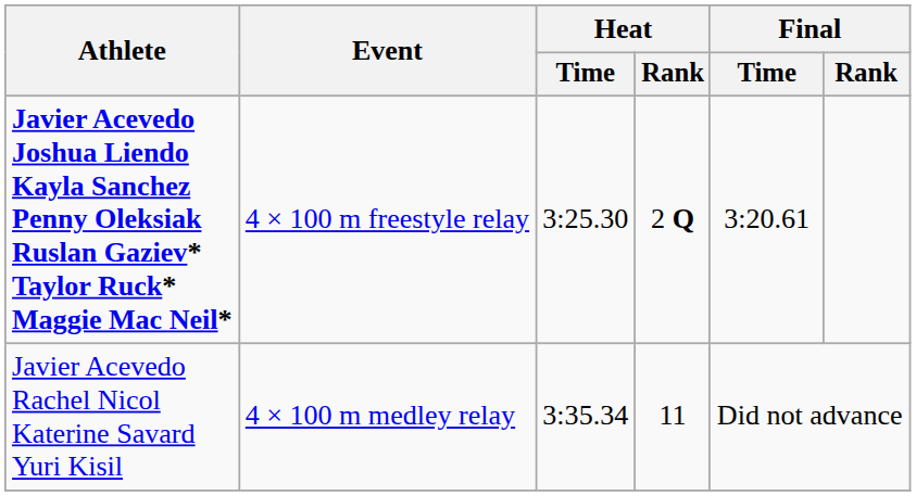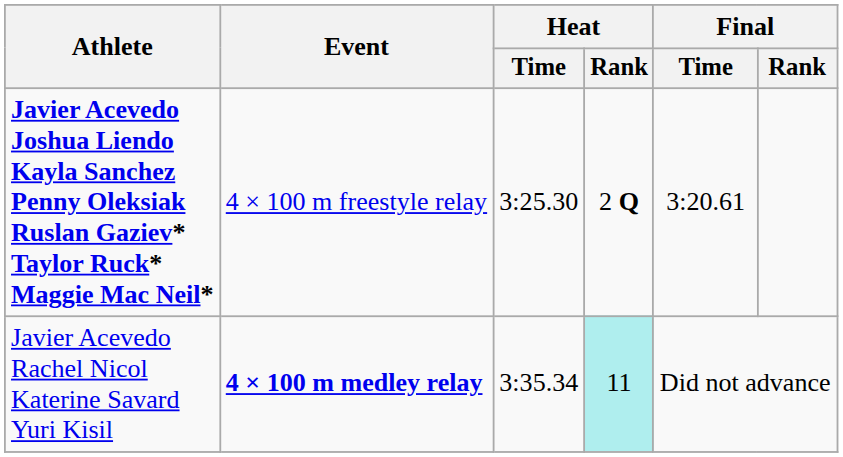 <table class=wikitable style="font-size:90%">
 <tr>
 <th rowspan="2">Athlete</th>
 <th rowspan="2">Event</th>
 <th colspan="2">Heat</th>
 <th colspan="2">Final</th>
 </tr>
 <tr style="font-size:95%">
 <th>Time</th>
 <th>Rank</th>
 <th>Time</th>
 <th>Rank</th>
 </tr>
 <tr align=center>
 <td align=left><strong><a href='#'>Javier Acevedo</a><br><a href='#'>Joshua Liendo</a><br><a href='#'>Kayla Sanchez</a><br><a href='#'>Penny Oleksiak</a><br><a href='#'>Ruslan Gaziev</a>*<br><a href='#'>Taylor Ruck</a>*<br><a href='#'>Maggie Mac Neil</a>*</strong></td>
 <td align=left><a href='#'>4 × 100 m freestyle relay</a></td>
 <td>3:25.30</td>
 <td>2 <strong>Q</strong></td>
 <td>3:20.61</td>
 <td></td>
 </tr>
 <tr align=center>
 <td align=left><a href='#'>Javier Acevedo</a><br><a href='#'>Rachel Nicol</a><br><a href='#'>Katerine Savard</a><br><a href='#'>Yuri Kisil</a></td>
-<td align=left><a href='#'>4 × 100 m medley relay</a></td>
+<td align=left><strong><a href='#'>4 × 100 m medley relay</a></strong></td>
 <td>3:35.34</td>
-<td>11</td>
+<td style="background: paleturquoise;">11</td>
 <td colspan=2>Did not advance</td>
 </tr>
 </table>
